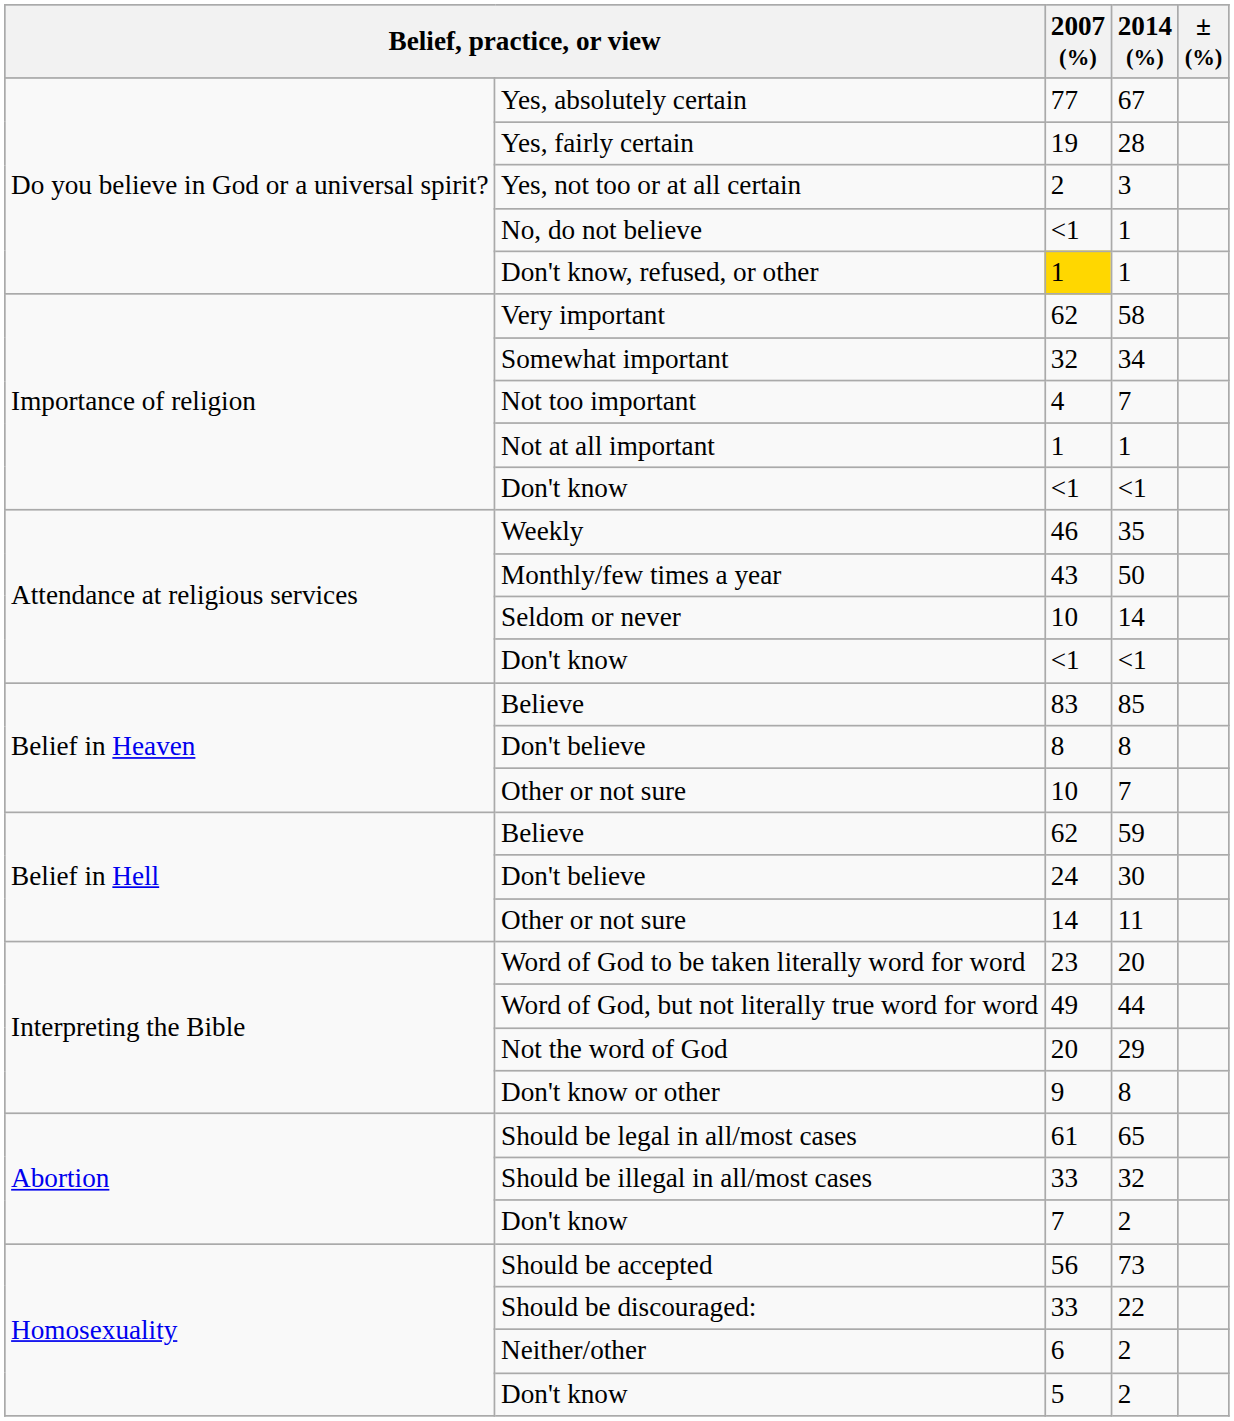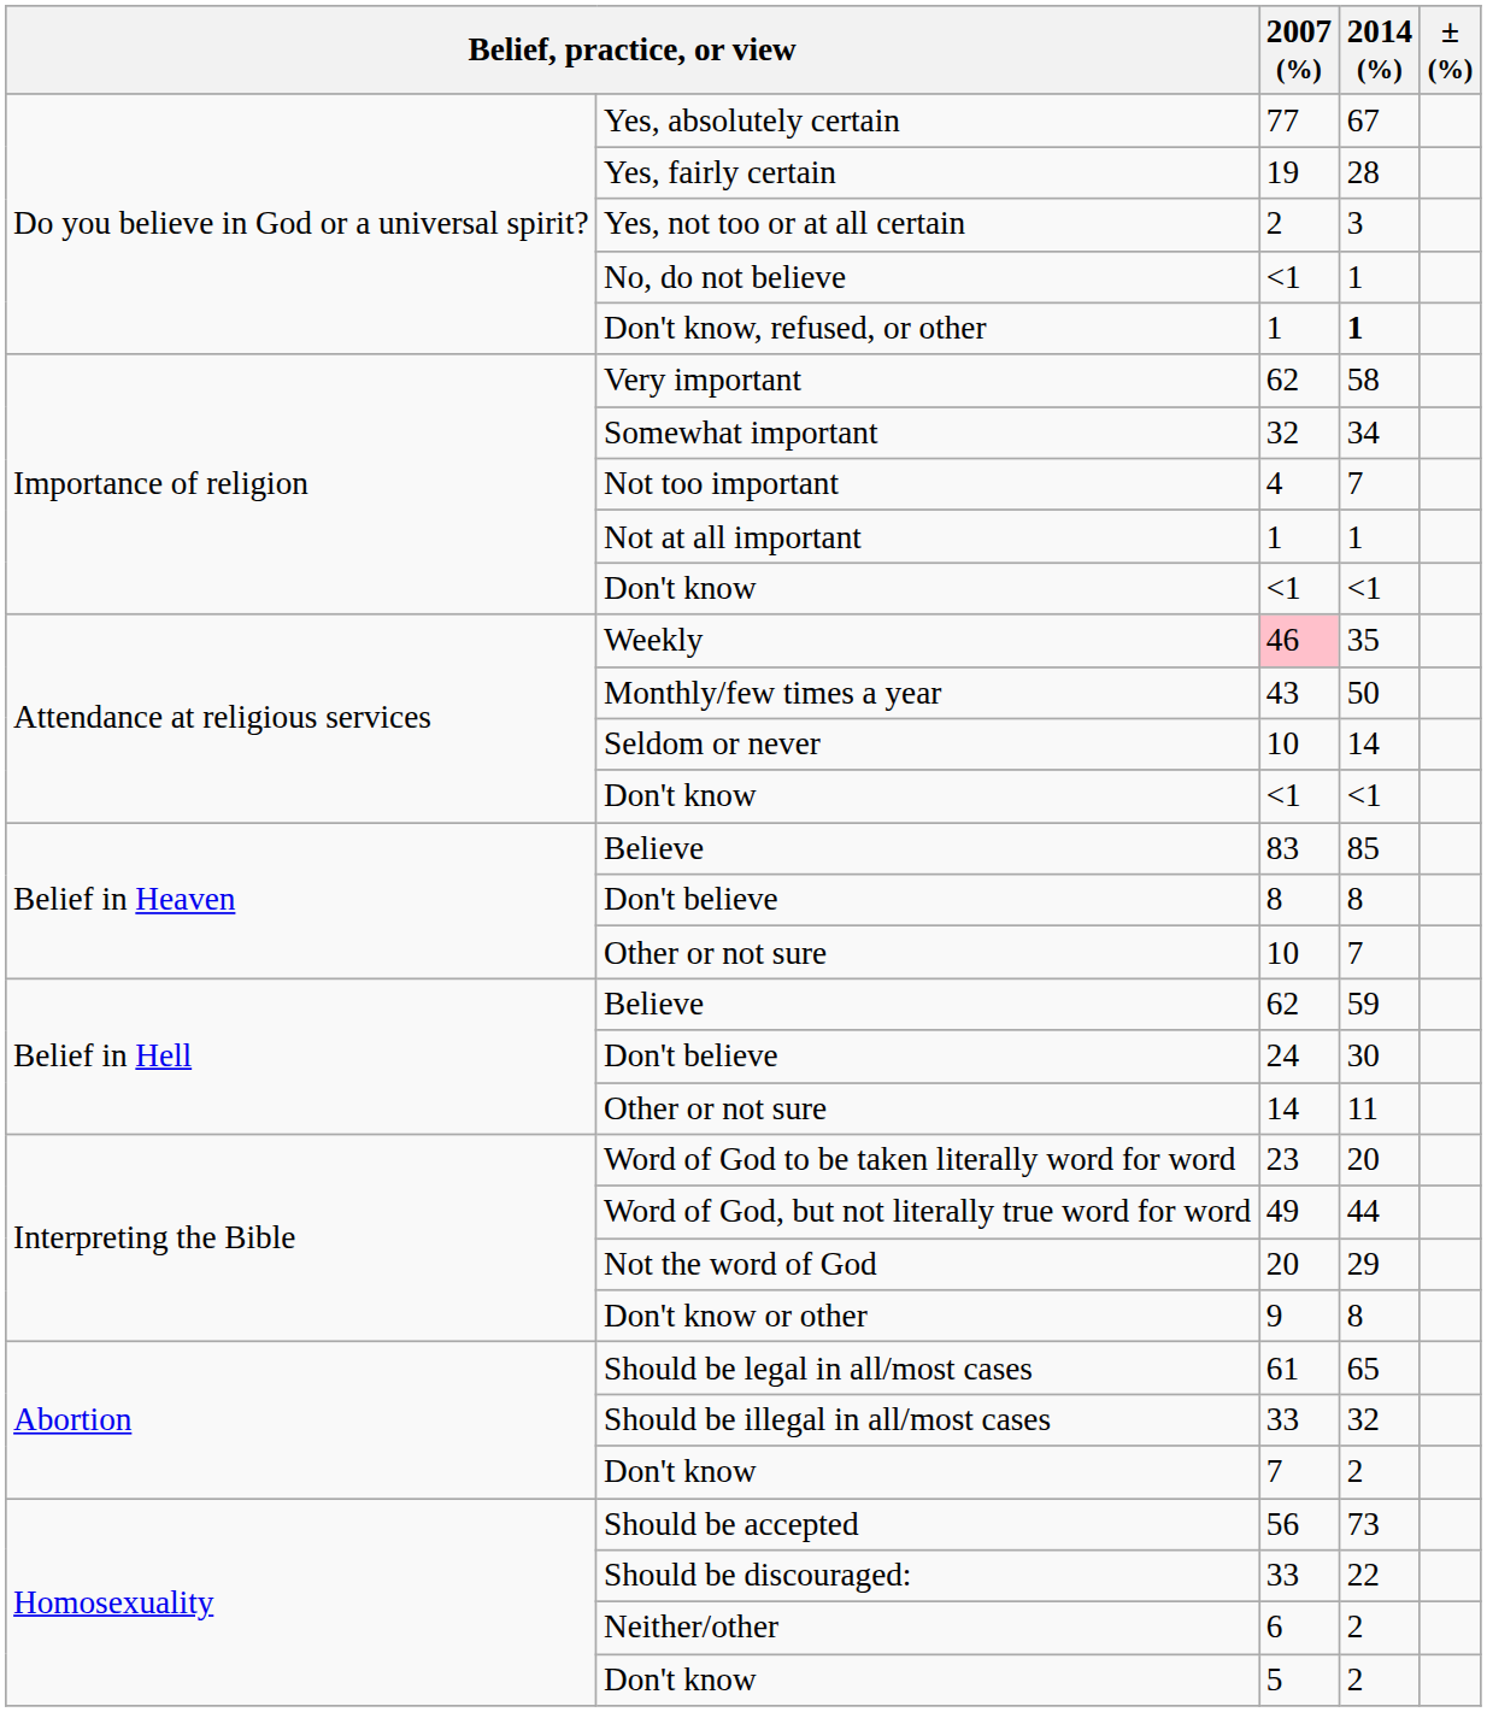 <table class="wikitable">
 <tr style="text-align:center; background:#d8edff;">
 <th colspan="2">Belief, practice, or view</th>
 <th>2007<br><small>(%)</small></th>
 <th>2014<br><small>(%)</small></th>
 <th>±<br><small>(%)</small></th>
 </tr>
 <tr>
 <td rowspan="5">Do you believe in God or a universal spirit?</td>
 <td>Yes, absolutely certain</td>
 <td>77</td>
 <td>67</td>
 <td></td>
 </tr>
 <tr>
 <td>Yes, fairly certain</td>
 <td>19</td>
 <td>28</td>
 <td></td>
 </tr>
 <tr>
 <td>Yes, not too or at all certain</td>
 <td>2</td>
 <td>3</td>
 <td></td>
 </tr>
 <tr>
 <td>No, do not believe</td>
 <td><1</td>
 <td>1</td>
 <td></td>
 </tr>
 <tr>
 <td>Don't know, refused, or other</td>
-<td style="background: gold;">1</td>
 <td>1</td>
+<td><strong>1</strong></td>
 <td></td>
 </tr>
 <tr>
 <td rowspan="5">Importance of religion</td>
 <td>Very important</td>
 <td>62</td>
 <td>58</td>
 <td></td>
 </tr>
 <tr>
 <td>Somewhat important</td>
 <td>32</td>
 <td>34</td>
 <td></td>
 </tr>
 <tr>
 <td>Not too important</td>
 <td>4</td>
 <td>7</td>
 <td></td>
 </tr>
 <tr>
 <td>Not at all important</td>
 <td>1</td>
 <td>1</td>
 <td></td>
 </tr>
 <tr>
 <td>Don't know</td>
 <td><1</td>
 <td><1</td>
 <td></td>
 </tr>
 <tr>
 <td rowspan="4">Attendance at religious services</td>
 <td>Weekly</td>
-<td>46</td>
+<td style="background: pink;">46</td>
 <td>35</td>
 <td></td>
 </tr>
 <tr>
 <td>Monthly/few times a year</td>
 <td>43</td>
 <td>50</td>
 <td></td>
 </tr>
 <tr>
 <td>Seldom or never</td>
 <td>10</td>
 <td>14</td>
 <td></td>
 </tr>
 <tr>
 <td>Don't know</td>
 <td><1</td>
 <td><1</td>
 <td></td>
 </tr>
 <tr>
 <td rowspan="3">Belief in <a href='#'>Heaven</a></td>
 <td>Believe</td>
 <td>83</td>
 <td>85</td>
 <td></td>
 </tr>
 <tr>
 <td>Don't believe</td>
 <td>8</td>
 <td>8</td>
 <td></td>
 </tr>
 <tr>
 <td>Other or not sure</td>
 <td>10</td>
 <td>7</td>
 <td></td>
 </tr>
 <tr>
 <td rowspan="3">Belief in <a href='#'>Hell</a></td>
 <td>Believe</td>
 <td>62</td>
 <td>59</td>
 <td></td>
 </tr>
 <tr>
 <td>Don't believe</td>
 <td>24</td>
 <td>30</td>
 <td></td>
 </tr>
 <tr>
 <td>Other or not sure</td>
 <td>14</td>
 <td>11</td>
 <td></td>
 </tr>
 <tr>
 <td rowspan="4">Interpreting the Bible</td>
 <td>Word of God to be taken literally word for word</td>
 <td>23</td>
 <td>20</td>
 <td></td>
 </tr>
 <tr>
 <td>Word of God, but not literally true word for word</td>
 <td>49</td>
 <td>44</td>
 <td></td>
 </tr>
 <tr>
 <td>Not the word of God</td>
 <td>20</td>
 <td>29</td>
 <td></td>
 </tr>
 <tr>
 <td>Don't know or other</td>
 <td>9</td>
 <td>8</td>
 <td></td>
 </tr>
 <tr>
 <td rowspan="3"><a href='#'>Abortion</a></td>
 <td>Should be legal in all/most cases</td>
 <td>61</td>
 <td>65</td>
 <td></td>
 </tr>
 <tr>
 <td>Should be illegal in all/most cases</td>
 <td>33</td>
 <td>32</td>
 <td></td>
 </tr>
 <tr>
 <td>Don't know</td>
 <td>7</td>
 <td>2</td>
 <td></td>
 </tr>
 <tr>
 <td rowspan="4"><a href='#'>Homosexuality</a></td>
 <td>Should be accepted</td>
 <td>56</td>
 <td>73</td>
 <td></td>
 </tr>
 <tr>
 <td>Should be discouraged:</td>
 <td>33</td>
 <td>22</td>
 <td></td>
 </tr>
 <tr>
 <td>Neither/other</td>
 <td>6</td>
 <td>2</td>
 <td></td>
 </tr>
 <tr>
 <td>Don't know</td>
 <td>5</td>
 <td>2</td>
 <td></td>
 </tr>
 </table>
